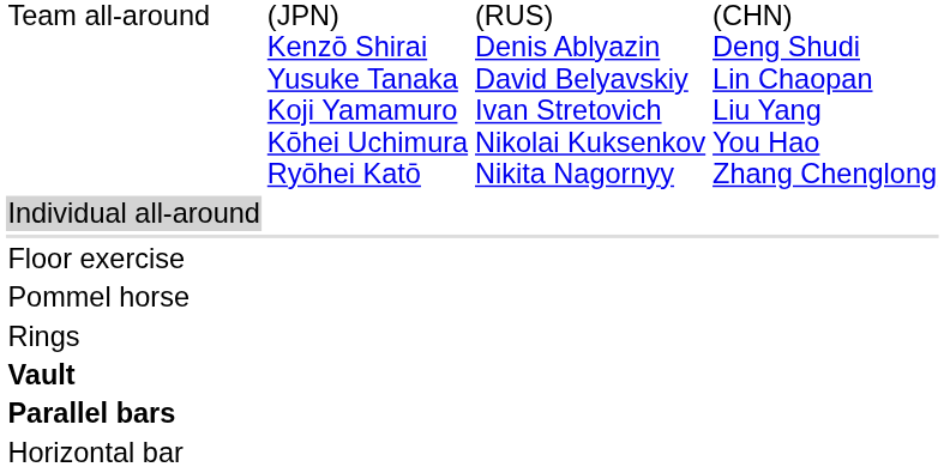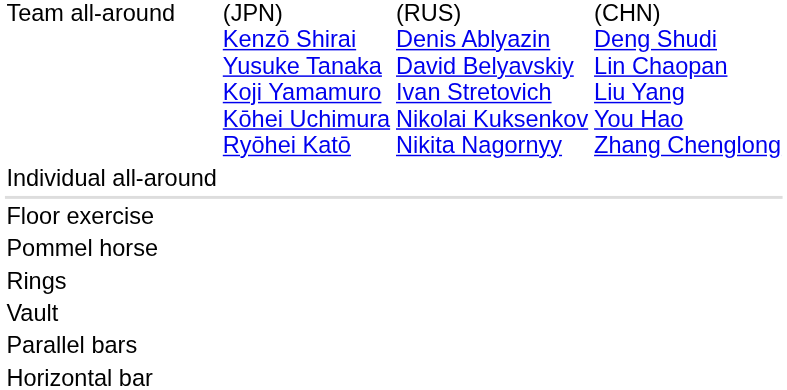 <table>
 <tr valign="top">
 <td>Team all-around<br></td>
 <td> (JPN)<br><a href='#'>Kenzō Shirai</a><br><a href='#'>Yusuke Tanaka</a><br><a href='#'>Koji Yamamuro</a><br><a href='#'>Kōhei Uchimura</a><br><a href='#'>Ryōhei Katō</a></td>
 <td> (RUS)<br><a href='#'>Denis Ablyazin</a><br><a href='#'>David Belyavskiy</a><br><a href='#'>Ivan Stretovich</a><br><a href='#'>Nikolai Kuksenkov</a><br><a href='#'>Nikita Nagornyy</a></td>
 <td> (CHN)<br><a href='#'>Deng Shudi</a><br><a href='#'>Lin Chaopan</a><br><a href='#'>Liu Yang</a><br><a href='#'>You Hao</a><br><a href='#'>Zhang Chenglong</a></td>
 </tr>
 <tr valign="top">
-<td style="background: lightgrey;">Individual all-around<br></td>
+<td>Individual all-around<br></td>
 <td></td>
 <td></td>
 <td></td>
 </tr>
 <tr bgcolor=#DDDDDD>
 <td colspan=7></td>
 </tr>
 <tr>
 <td>Floor exercise<br></td>
 <td></td>
 <td></td>
 <td></td>
 </tr>
 <tr>
 <td>Pommel horse<br></td>
 <td></td>
 <td></td>
 <td></td>
 </tr>
 <tr>
 <td>Rings<br></td>
 <td></td>
 <td></td>
 <td></td>
 </tr>
 <tr>
-<td><strong>Vault<br></strong></td>
+<td>Vault<br></td>
 <td></td>
 <td></td>
 <td></td>
 </tr>
 <tr>
-<td><strong>Parallel bars<br></strong></td>
+<td>Parallel bars<br></td>
 <td></td>
 <td></td>
 <td></td>
 </tr>
 <tr>
 <td>Horizontal bar<br></td>
 <td></td>
 <td></td>
 <td></td>
 </tr>
 </table>
